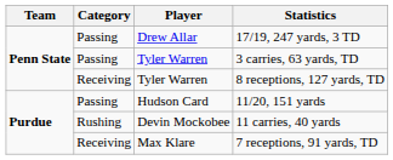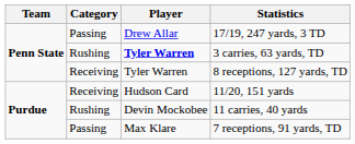 <table class="wikitable" style="float: right;">
 <tr>
 <th>Team</th>
 <th>Category</th>
 <th>Player</th>
 <th>Statistics</th>
 </tr>
 <tr>
 <td rowspan=3><strong>Penn State</strong></td>
 <td>Passing</td>
 <td><a href='#'>Drew Allar</a></td>
 <td>17/19, 247 yards, 3 TD</td>
 </tr>
 <tr>
-<td>Passing</td>
-<td><a href='#'>Tyler Warren</a></td>
+<td>Rushing</td>
+<td><strong><a href='#'>Tyler Warren</a></strong></td>
 <td>3 carries, 63 yards, TD</td>
 </tr>
 <tr>
 <td>Receiving</td>
 <td>Tyler Warren</td>
 <td>8 receptions, 127 yards, TD</td>
 </tr>
 <tr>
 <td rowspan=3><strong>Purdue</strong></td>
-<td>Passing</td>
+<td>Receiving</td>
 <td>Hudson Card</td>
 <td>11/20, 151 yards</td>
 </tr>
 <tr>
 <td>Rushing</td>
 <td>Devin Mockobee</td>
 <td>11 carries, 40 yards</td>
 </tr>
 <tr>
-<td>Receiving</td>
+<td>Passing</td>
 <td>Max Klare</td>
 <td>7 receptions, 91 yards, TD</td>
 </tr>
 </table>
